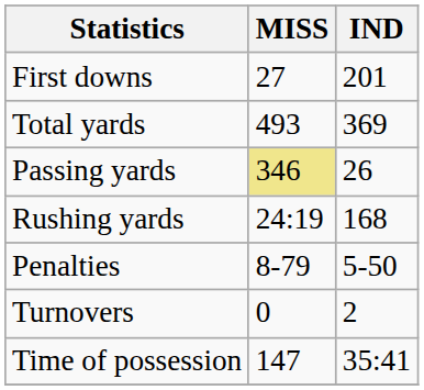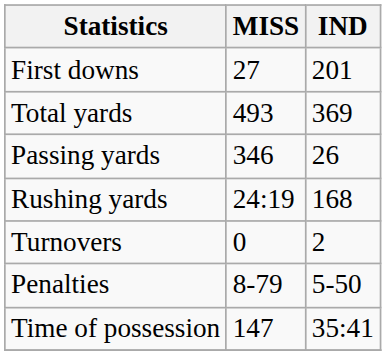 <table class="wikitable" style="float: left;">
 <tr>
 <th>Statistics</th>
 <th>MISS</th>
 <th>IND</th>
 </tr>
 <tr>
 <td>First downs</td>
 <td>27</td>
 <td>201</td>
 </tr>
 <tr>
 <td>Total yards</td>
 <td>493</td>
 <td>369</td>
 </tr>
 <tr>
 <td>Passing yards</td>
-<td style="background: khaki;">346</td>
+<td>346</td>
 <td>26</td>
 </tr>
 <tr>
 <td>Rushing yards</td>
 <td>24:19</td>
 <td>168</td>
 </tr>
 <tr>
+<td>Turnovers</td>
+<td>0</td>
+<td>2</td>
+</tr>
+<tr>
 <td>Penalties</td>
 <td>8-79</td>
 <td>5-50</td>
-</tr>
-<tr>
-<td>Turnovers</td>
-<td>0</td>
-<td>2</td>
 </tr>
 <tr>
 <td>Time of possession</td>
 <td>147</td>
 <td>35:41</td>
 </tr>
 <tr>
 </tr>
 </table>
